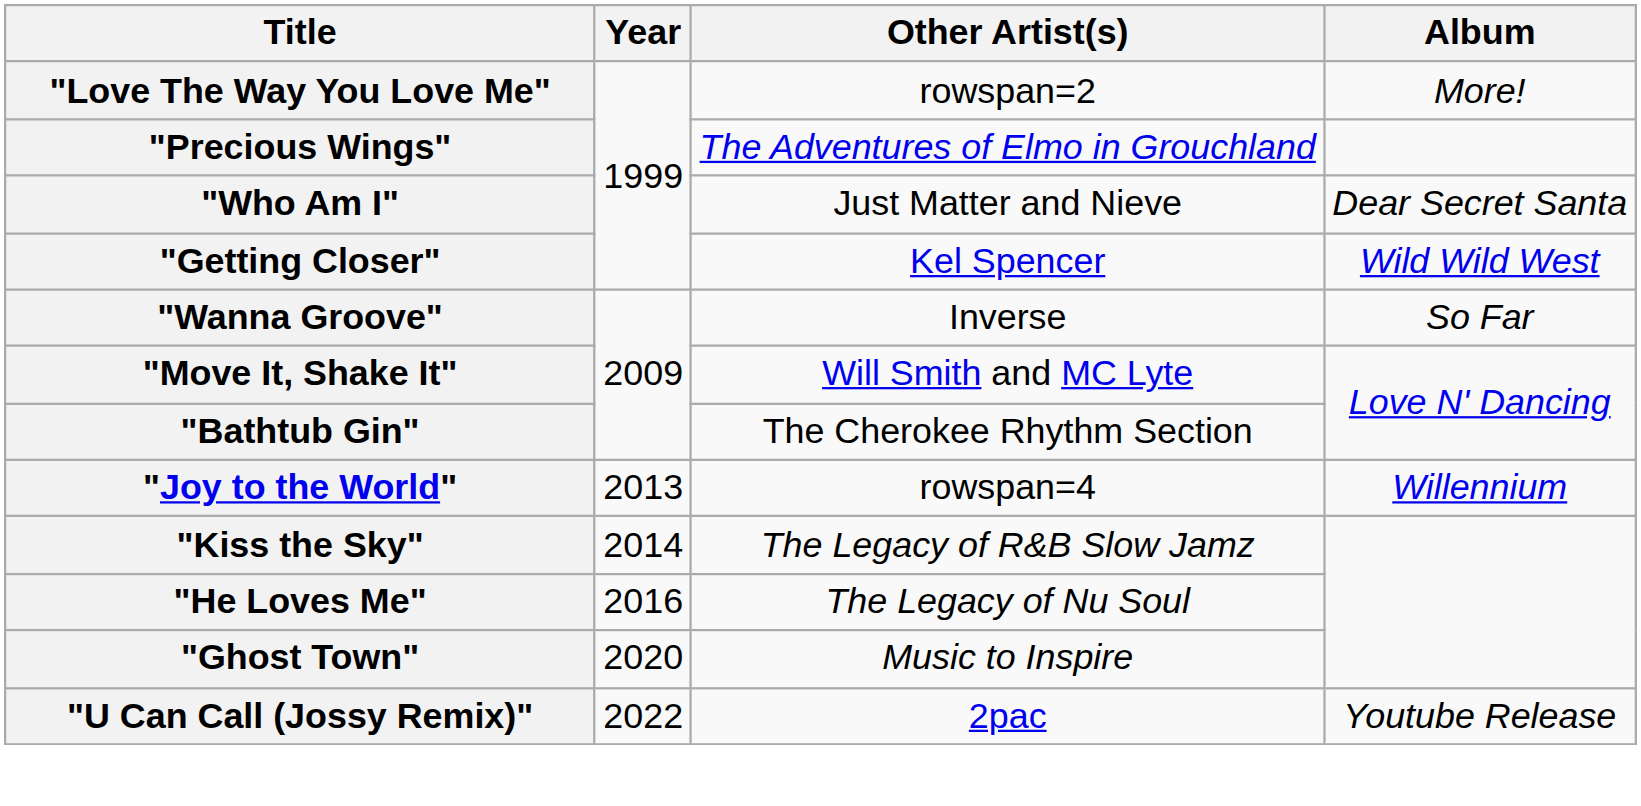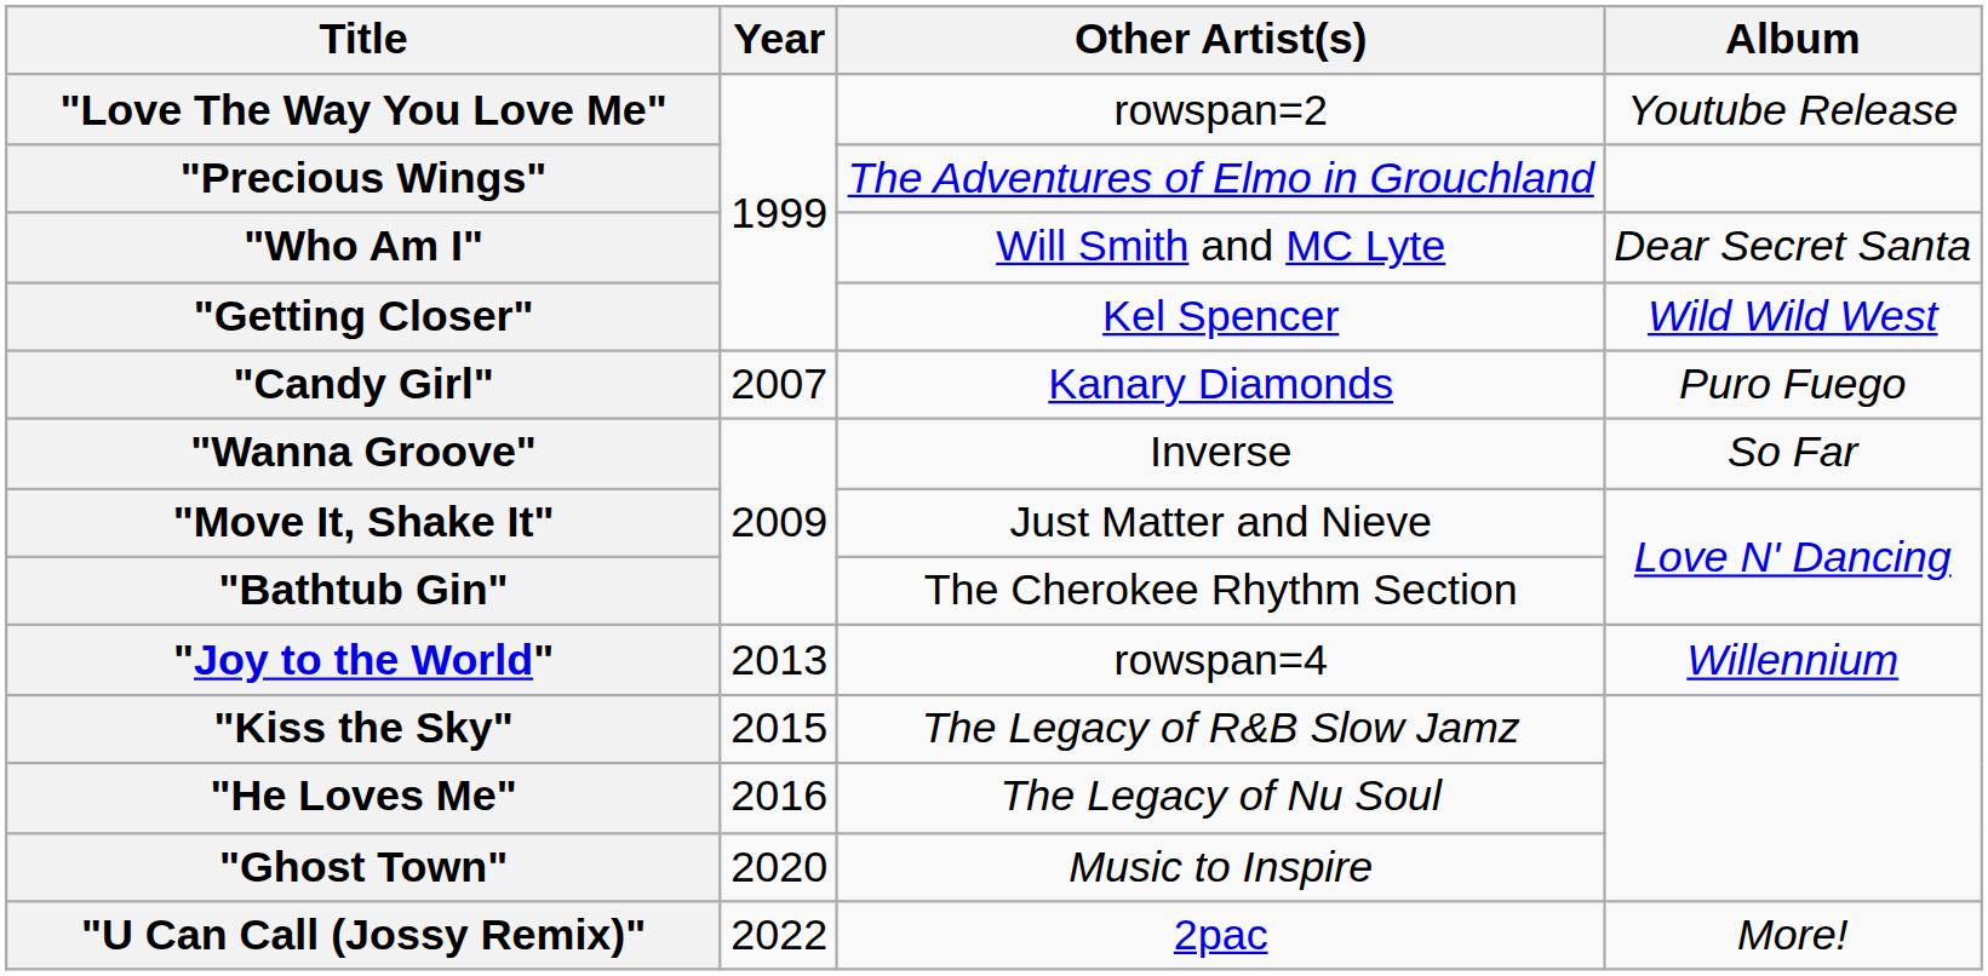 <table class="wikitable plainrowheaders" style="text-align:center;" border="1">
 <tr>
 <th scope="col" style="width:16em;">Title</th>
 <th scope="col">Year</th>
 <th scope="col">Other Artist(s)</th>
 <th scope="col">Album</th>
 </tr>
 <tr>
 <th scope="row">"Love The Way You Love Me"</th>
 <td rowspan=4>1999</td>
 <td>rowspan=2 </td>
-<td><em>More!</em></td>
+<td><em>Youtube Release</em></td>
 </tr>
 <tr>
 <th scope="row">"Precious Wings"</th>
 <td><em><a href='#'>The Adventures of Elmo in Grouchland</a></em></td>
 </tr>
 <tr>
 <th scope="row">"Who Am I"</th>
-<td>Just Matter and Nieve</td>
+<td><a href='#'>Will Smith</a> and <a href='#'>MC Lyte</a></td>
 <td><em>Dear Secret Santa</em></td>
 </tr>
 <tr>
 <th scope="row">"Getting Closer"</th>
 <td><a href='#'>Kel Spencer</a></td>
 <td><em><a href='#'>Wild Wild West</a></em></td>
+</tr>
+<tr>
+<th scope="row">"Candy Girl"</th>
+<td>2007</td>
+<td><a href='#'>Kanary Diamonds</a></td>
+<td><em>Puro Fuego</em></td>
 </tr>
 <tr>
 <th scope="row">"Wanna Groove"</th>
 <td rowspan=3>2009</td>
 <td>Inverse</td>
 <td><em>So Far</em></td>
 </tr>
 <tr>
 <th scope="row">"Move It, Shake It"</th>
-<td><a href='#'>Will Smith</a> and <a href='#'>MC Lyte</a></td>
+<td>Just Matter and Nieve</td>
 <td rowspan=2><em><a href='#'>Love N' Dancing</a></em></td>
 </tr>
 <tr>
 <th scope="row">"Bathtub Gin"</th>
 <td>The Cherokee Rhythm Section</td>
 </tr>
 <tr>
 <th scope="row">"<a href='#'>Joy to the World</a>"</th>
 <td>2013</td>
 <td>rowspan=4 </td>
 <td><em><a href='#'>Willennium</a></em></td>
 </tr>
 <tr>
 <th scope="row">"Kiss the Sky"</th>
-<td>2014</td>
+<td>2015</td>
 <td><em>The Legacy of R&B Slow Jamz</em></td>
 </tr>
 <tr>
 <th scope="row">"He Loves Me"</th>
 <td>2016</td>
 <td><em>The Legacy of Nu Soul</em></td>
 </tr>
 <tr>
 <th scope="row">"Ghost Town"</th>
 <td>2020</td>
 <td><em>Music to Inspire</em></td>
 </tr>
 <tr>
 <th scope="row">"U Can Call (Jossy Remix)"</th>
 <td>2022</td>
 <td><a href='#'>2pac</a></td>
-<td><em>Youtube Release</em></td>
+<td><em>More!</em></td>
 </tr>
 </table>
